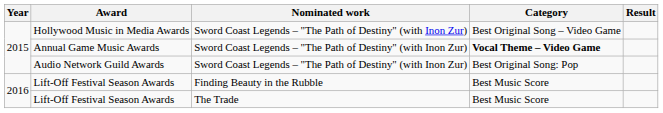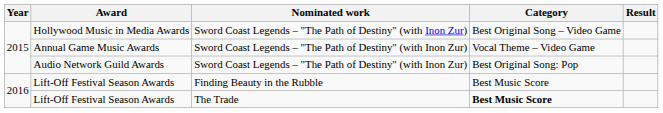 <table class="wikitable">
 <tr>
 <th>Year</th>
 <th>Award</th>
 <th>Nominated work</th>
 <th>Category</th>
 <th>Result</th>
 </tr>
 <tr>
 <td rowspan="3">2015</td>
 <td>Hollywood Music in Media Awards</td>
 <td>Sword Coast Legends – "The Path of Destiny" (with <a href='#'>Inon Zur</a>)</td>
 <td>Best Original Song – Video Game</td>
 <td></td>
 </tr>
 <tr>
 <td>Annual Game Music Awards</td>
 <td>Sword Coast Legends – "The Path of Destiny" (with Inon Zur)<em></td>
-<td><strong>Vocal Theme – Video Game</strong></td>
+<td>Vocal Theme – Video Game</td>
 <td></td>
 </tr>
 <tr>
 <td>Audio Network Guild Awards</td>
 <td>Sword Coast Legends – "The Path of Destiny" (with Inon Zur)</td>
 <td>Best Original Song: Pop</td>
 <td></td>
 </tr>
 <tr>
 <td rowspan="2">2016</td>
 <td>Lift-Off Festival Season Awards</td>
 <td>Finding Beauty in the Rubble</td>
 <td>Best Music Score</td>
 <td></td>
 </tr>
 <tr>
 <td>Lift-Off Festival Season Awards</td>
 <td>The Trade</td>
-<td>Best Music Score</td>
+<td><strong>Best Music Score</strong></td>
 <td></td>
 </tr>
 </table>
